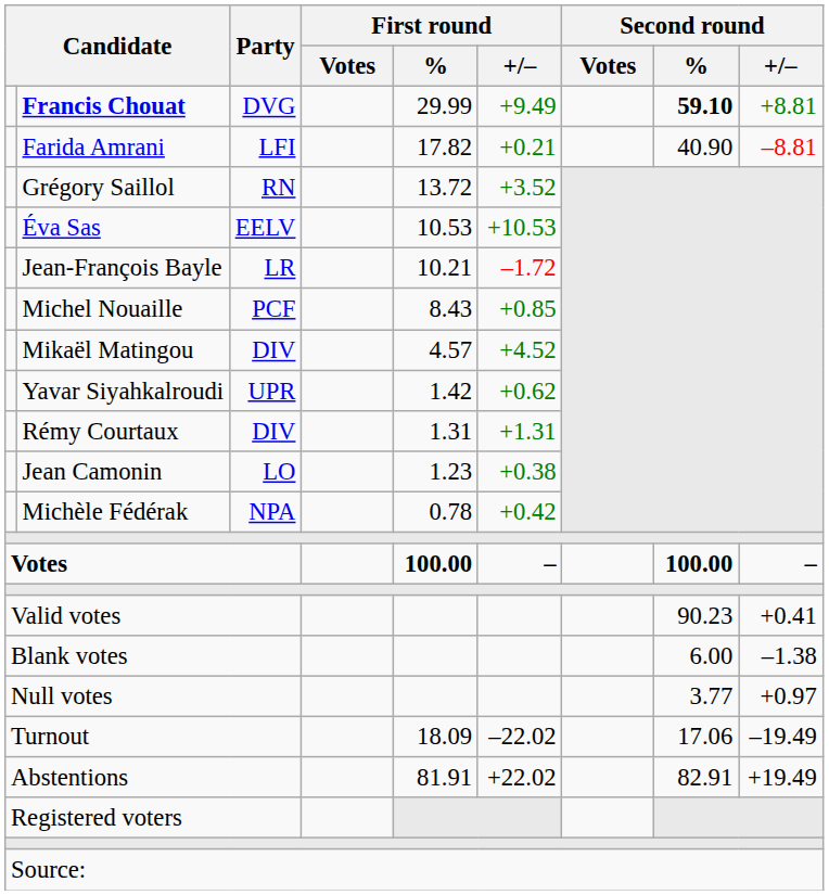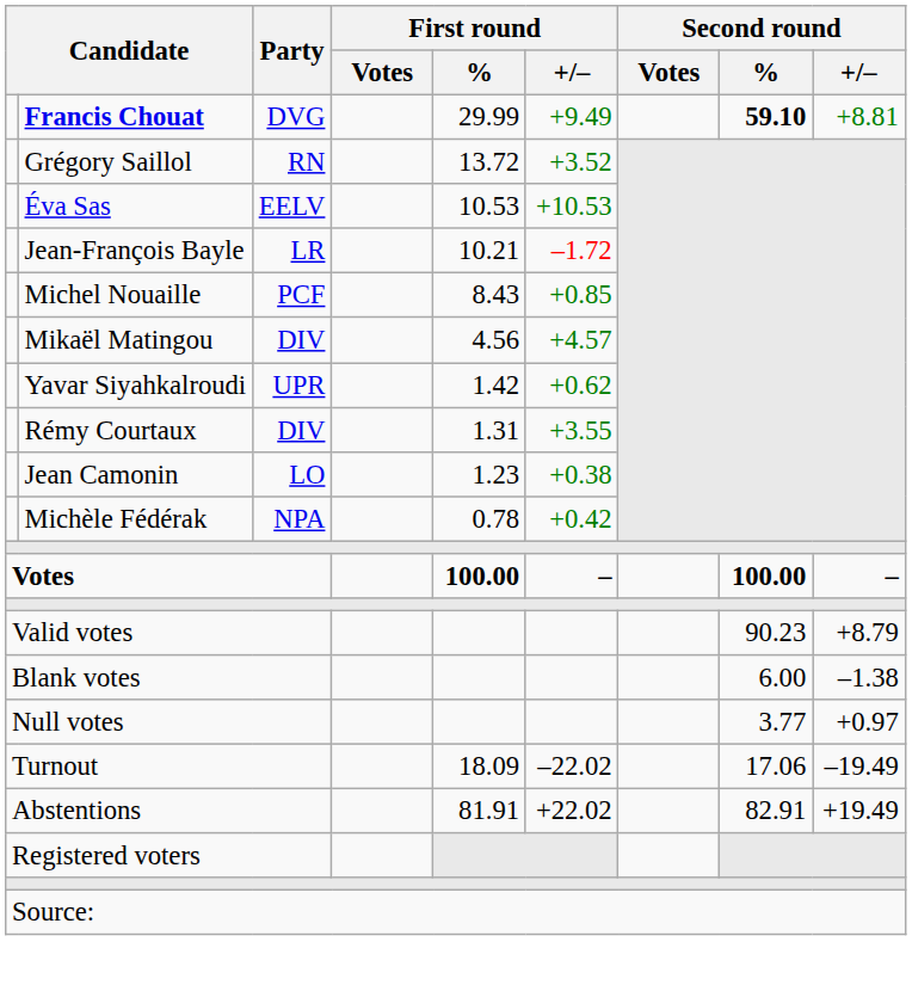 <table class="wikitable" style="text-align:right;font-size:95%;">
 <tr>
 <th rowspan="2" colspan="2">Candidate</th>
 <th rowspan="2">Party</th>
 <th colspan="3">First round</th>
 <th colspan="3">Second round</th>
 </tr>
 <tr>
 <th style="width:50px;">Votes</th>
 <th style="width:45px;">%</th>
 <th style="width:45px;">+/–</th>
 <th style="width:50px;">Votes</th>
 <th style="width:45px;">%</th>
 <th style="width:45px;">+/–</th>
 </tr>
 <tr>
 <td style="background:"></td>
 <td style="text-align:left;"><strong><a href='#'>Francis Chouat</a></strong></td>
 <td><a href='#'>DVG</a></td>
 <td></td>
 <td>29.99</td>
 <td style="color:green;">+9.49</td>
 <td><strong></strong></td>
 <td><strong>59.10</strong></td>
 <td style="color:green;">+8.81</td>
-</tr>
-<tr>
-<td style="background:"></td>
-<td style="text-align:left;"><a href='#'>Farida Amrani</a></td>
-<td><a href='#'>LFI</a></td>
-<td></td>
-<td>17.82</td>
-<td style="color:green;">+0.21</td>
-<td></td>
-<td>40.90</td>
-<td style="color:red;">–8.81</td>
 </tr>
 <tr>
 <td style="background:"></td>
 <td style="text-align:left;">Grégory Saillol</td>
 <td><a href='#'>RN</a></td>
 <td></td>
 <td>13.72</td>
 <td style="color:green;">+3.52</td>
 <td colspan="3" rowspan="9" style="background:#E9E9E9;"></td>
 </tr>
 <tr>
 <td style="background:"></td>
 <td style="text-align:left;"><a href='#'>Éva Sas</a></td>
 <td><a href='#'>EELV</a></td>
 <td></td>
 <td>10.53</td>
 <td style="color:green;">+10.53</td>
 </tr>
 <tr>
 <td style="background:"></td>
 <td style="text-align:left;">Jean-François Bayle</td>
 <td><a href='#'>LR</a></td>
 <td></td>
 <td>10.21</td>
 <td style="color:red;">–1.72</td>
 </tr>
 <tr>
 <td style="background:"></td>
 <td style="text-align:left;">Michel Nouaille</td>
 <td><a href='#'>PCF</a></td>
 <td></td>
 <td>8.43</td>
 <td style="color:green;">+0.85</td>
 </tr>
 <tr>
 <td style="background:"></td>
 <td style="text-align:left;">Mikaël Matingou</td>
 <td><a href='#'>DIV</a></td>
 <td></td>
-<td>4.57</td>
-<td style="color:green;">+4.52</td>
+<td>4.56</td>
+<td style="color:green;">+4.57</td>
 </tr>
 <tr>
 <td style="background:"></td>
 <td style="text-align:left;">Yavar Siyahkalroudi</td>
 <td><a href='#'>UPR</a></td>
 <td></td>
 <td>1.42</td>
 <td style="color:green;">+0.62</td>
 </tr>
 <tr>
 <td style="background:"></td>
 <td style="text-align:left;">Rémy Courtaux</td>
 <td><a href='#'>DIV</a></td>
 <td></td>
 <td>1.31</td>
-<td style="color:green;">+1.31</td>
+<td style="color:green;">+3.55</td>
 </tr>
 <tr>
 <td style="background:"></td>
 <td style="text-align:left;">Jean Camonin</td>
 <td><a href='#'>LO</a></td>
 <td></td>
 <td>1.23</td>
 <td style="color:green;">+0.38</td>
 </tr>
 <tr>
 <td style="background:"></td>
 <td style="text-align:left;">Michèle Fédérak</td>
 <td><a href='#'>NPA</a></td>
 <td></td>
 <td>0.78</td>
 <td style="color:green;">+0.42</td>
 </tr>
 <tr>
 <td colspan="9" style="background:#E9E9E9;"></td>
 </tr>
 <tr style="font-weight:bold;">
 <td colspan="3" style="text-align:left;">Votes</td>
 <td></td>
 <td>100.00</td>
 <td>–</td>
 <td></td>
 <td>100.00</td>
 <td>–</td>
 </tr>
 <tr>
 <td colspan="9" style="background:#E9E9E9;"></td>
 </tr>
 <tr>
 <td colspan="3" style="text-align:left;">Valid votes</td>
 <td></td>
 <td></td>
 <td></td>
 <td></td>
 <td>90.23</td>
-<td>+0.41</td>
+<td>+8.79</td>
 </tr>
 <tr>
 <td colspan="3" style="text-align:left;">Blank votes</td>
 <td></td>
 <td></td>
 <td></td>
 <td></td>
 <td>6.00</td>
 <td>–1.38</td>
 </tr>
 <tr>
 <td colspan="3" style="text-align:left;">Null votes</td>
 <td></td>
 <td></td>
 <td></td>
 <td></td>
 <td>3.77</td>
 <td>+0.97</td>
 </tr>
 <tr>
 <td colspan="3" style="text-align:left;">Turnout</td>
 <td></td>
 <td>18.09</td>
 <td>–22.02</td>
 <td></td>
 <td>17.06</td>
 <td>–19.49</td>
 </tr>
 <tr>
 <td colspan="3" style="text-align:left;">Abstentions</td>
 <td></td>
 <td>81.91</td>
 <td>+22.02</td>
 <td></td>
 <td>82.91</td>
 <td>+19.49</td>
 </tr>
 <tr>
 <td colspan="3" style="text-align:left;">Registered voters</td>
 <td></td>
 <td colspan="2" style="background:#E9E9E9;"></td>
 <td></td>
 <td colspan="2" style="background:#E9E9E9;"></td>
 </tr>
 <tr>
 <td colspan="9" style="background:#E9E9E9;"></td>
 </tr>
 <tr>
 <td colspan="9" style="text-align:left;">Source: </td>
 </tr>
 </table>
